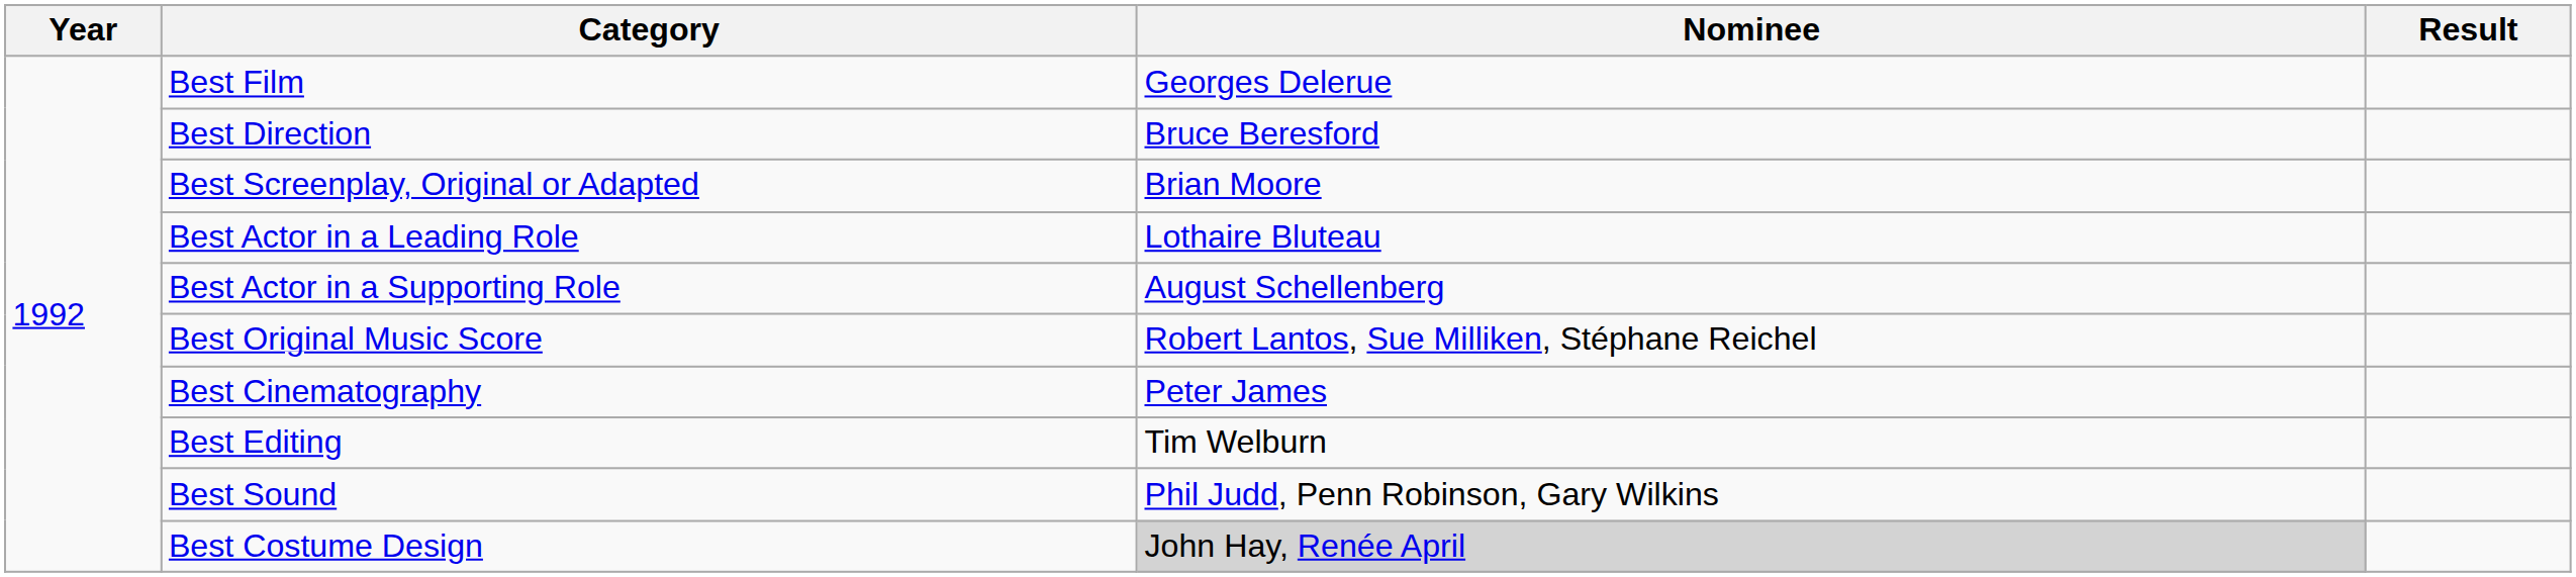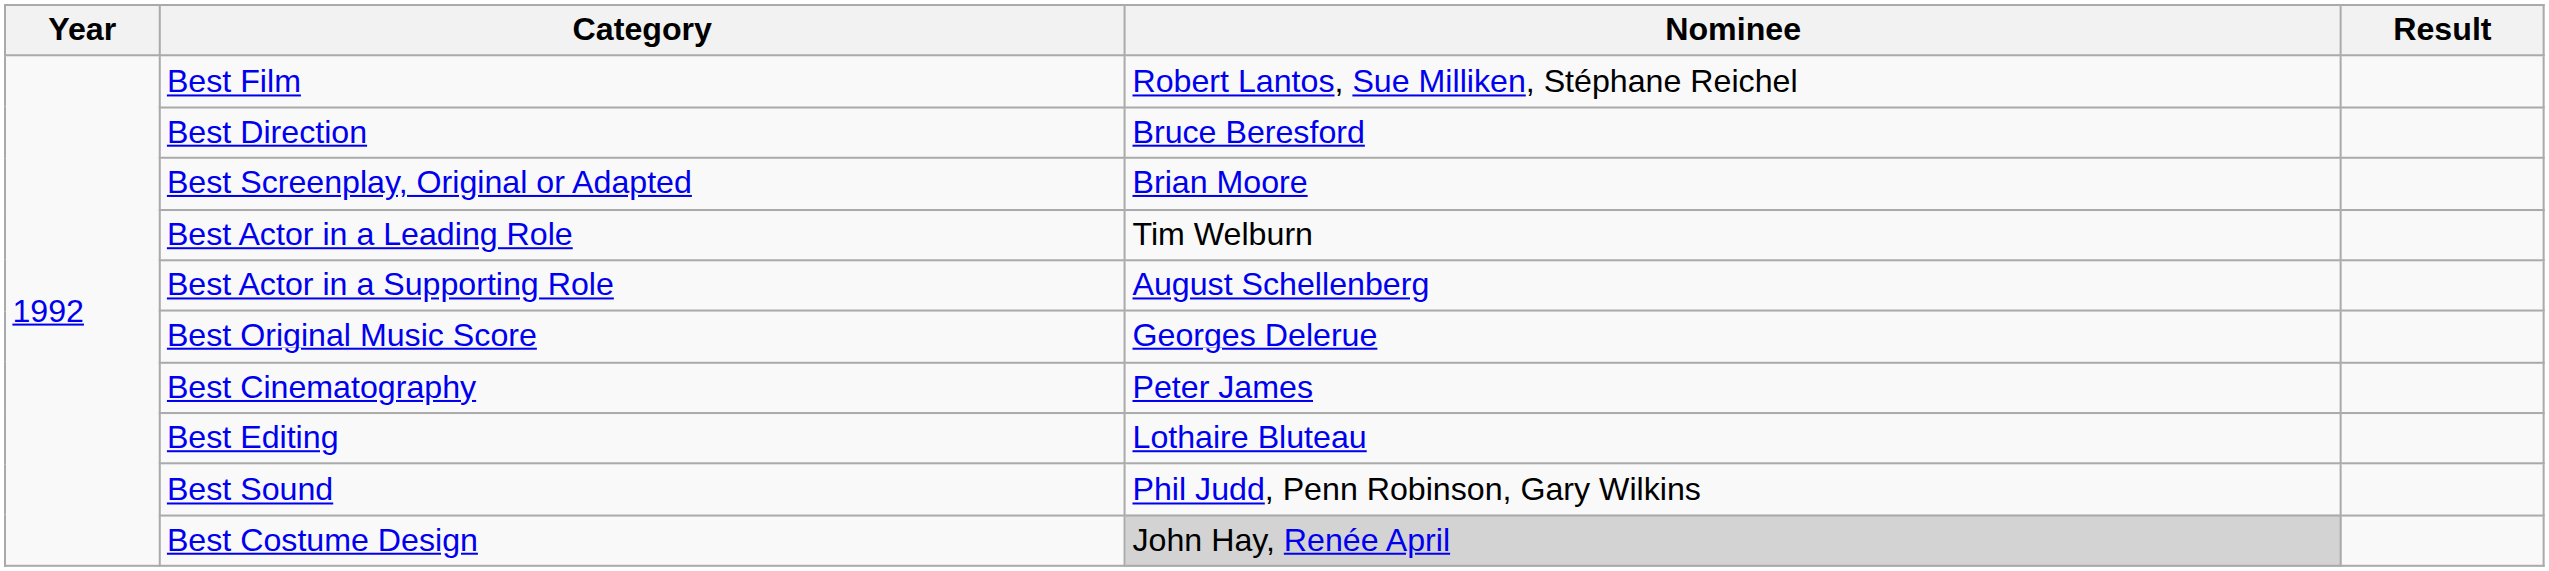 <table class="wikitable plainrowheaders sortable" width="100%">
 <tr>
 <th>Year</th>
 <th>Category</th>
 <th>Nominee</th>
 <th>Result</th>
 </tr>
 <tr>
 <td rowspan="10"><a href='#'>1992</a></td>
 <td><a href='#'>Best Film</a></td>
-<td><a href='#'>Georges Delerue</a></td>
+<td><a href='#'>Robert Lantos</a>, <a href='#'>Sue Milliken</a>, Stéphane Reichel</td>
 <td></td>
 </tr>
 <tr>
 <td><a href='#'>Best Direction</a></td>
 <td><a href='#'>Bruce Beresford</a></td>
 <td></td>
 </tr>
 <tr>
 <td><a href='#'>Best Screenplay, Original or Adapted</a></td>
 <td><a href='#'>Brian Moore</a></td>
 <td></td>
 </tr>
 <tr>
 <td><a href='#'>Best Actor in a Leading Role</a></td>
-<td><a href='#'>Lothaire Bluteau</a></td>
+<td>Tim Welburn</td>
 <td></td>
 </tr>
 <tr>
 <td><a href='#'>Best Actor in a Supporting Role</a></td>
 <td><a href='#'>August Schellenberg</a></td>
 <td></td>
 </tr>
 <tr>
 <td><a href='#'>Best Original Music Score</a></td>
-<td><a href='#'>Robert Lantos</a>, <a href='#'>Sue Milliken</a>, Stéphane Reichel</td>
+<td><a href='#'>Georges Delerue</a></td>
 <td></td>
 </tr>
 <tr>
 <td><a href='#'>Best Cinematography</a></td>
 <td><a href='#'>Peter James</a></td>
 <td></td>
 </tr>
 <tr>
 <td><a href='#'>Best Editing</a></td>
-<td>Tim Welburn</td>
+<td><a href='#'>Lothaire Bluteau</a></td>
 <td></td>
 </tr>
 <tr>
 <td><a href='#'>Best Sound</a></td>
 <td><a href='#'>Phil Judd</a>, Penn Robinson, Gary Wilkins</td>
 <td></td>
 </tr>
 <tr>
 <td><a href='#'>Best Costume Design</a></td>
 <td style="background: lightgrey;">John Hay, <a href='#'>Renée April</a></td>
 <td></td>
 </tr>
 </table>
